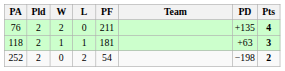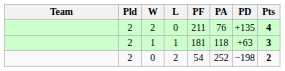 <table class=wikitable style="text-align:center">
 <tr>
-<th width=30>PA</th>
+<th width=180>Team</th>
 <th width=30>Pld</th>
 <th width=30>W</th>
 <th width=30>L</th>
 <th width=30>PF</th>
-<th width=180>Team</th>
+<th width=30>PA</th>
 <th width=30>PD</th>
 <th width=30>Pts</th>
 </tr>
 <tr bgcolor="#ccffcc">
-<td>76</td>
+<td align="left"></td>
 <td>2</td>
 <td>2</td>
 <td>0</td>
 <td>211</td>
-<td align="left"></td>
+<td>76</td>
 <td>+135</td>
 <td><strong>4</strong></td>
 </tr>
 <tr bgcolor="#ccffcc">
-<td>118</td>
+<td align="left"></td>
 <td>2</td>
 <td>1</td>
 <td>1</td>
 <td>181</td>
-<td align="left"></td>
+<td>118</td>
 <td>+63</td>
 <td><strong>3</strong></td>
 </tr>
 <tr>
-<td>252</td>
+<td align="left"></td>
 <td>2</td>
 <td>0</td>
 <td>2</td>
 <td>54</td>
-<td align="left"></td>
+<td>252</td>
 <td>−198</td>
 <td><strong>2</strong></td>
 </tr>
 </table>
